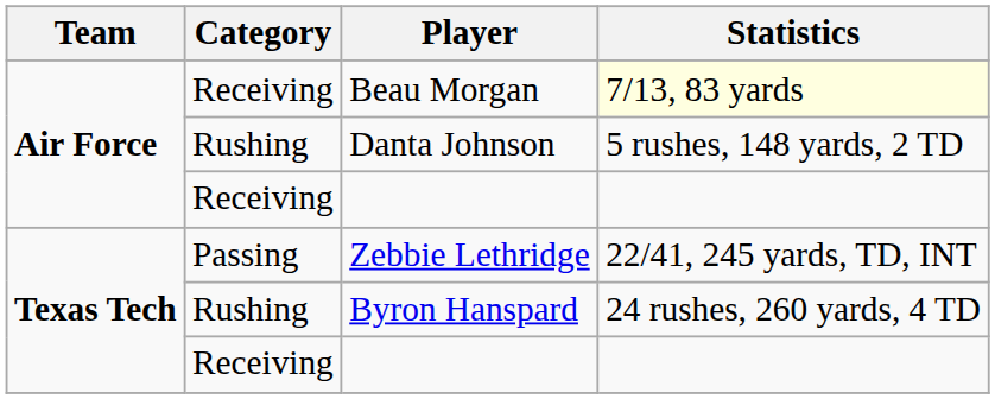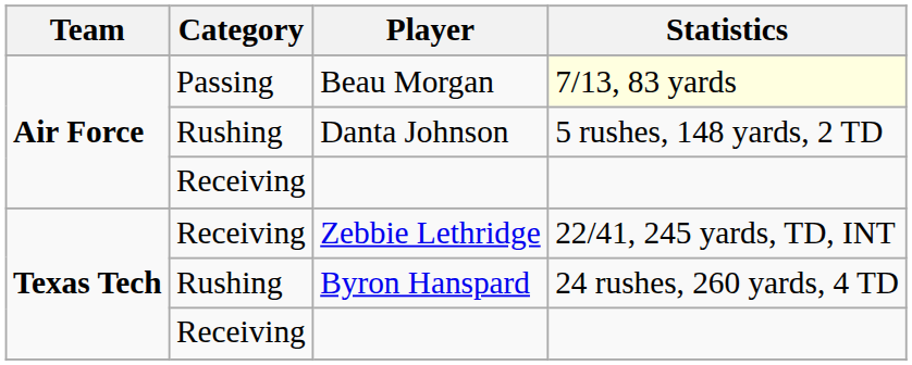 <table class="wikitable" style="float: right;">
 <tr>
 <th>Team</th>
 <th>Category</th>
 <th>Player</th>
 <th>Statistics</th>
 </tr>
 <tr>
 <td rowspan=3><strong>Air Force</strong></td>
-<td>Receiving</td>
+<td>Passing</td>
 <td>Beau Morgan</td>
 <td style="background: lightyellow;">7/13, 83 yards</td>
 </tr>
 <tr>
 <td>Rushing</td>
 <td>Danta Johnson</td>
 <td>5 rushes, 148 yards, 2 TD</td>
 </tr>
 <tr>
 <td>Receiving</td>
 <td></td>
 <td></td>
 </tr>
 <tr>
 <td rowspan=3><strong>Texas Tech</strong></td>
-<td>Passing</td>
+<td>Receiving</td>
 <td><a href='#'>Zebbie Lethridge</a></td>
 <td>22/41, 245 yards, TD, INT</td>
 </tr>
 <tr>
 <td>Rushing</td>
 <td><a href='#'>Byron Hanspard</a></td>
 <td>24 rushes, 260 yards, 4 TD</td>
 </tr>
 <tr>
 <td>Receiving</td>
 <td></td>
 <td></td>
 </tr>
 </table>
